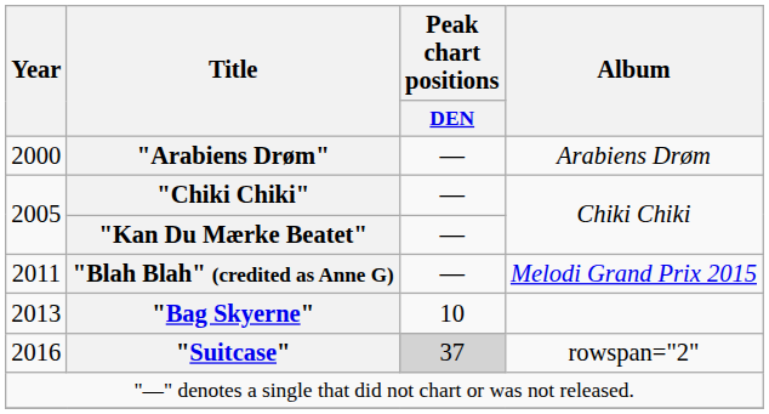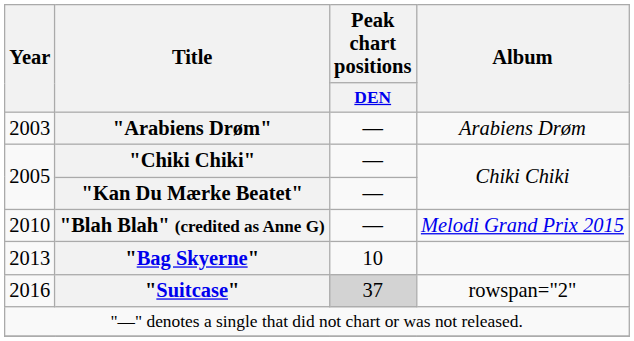 <table class="wikitable plainrowheaders" style="text-align:center;">
 <tr>
 <th scope="col" rowspan="2">Year</th>
 <th scope="col" rowspan="2">Title</th>
 <th scope="col" colspan="1">Peak chart positions</th>
 <th scope="col" rowspan="2">Album</th>
 </tr>
 <tr>
 <th scope="col" style="width:3em;font-size:85%;"><a href='#'>DEN</a><br></th>
 </tr>
 <tr>
-<td>2000</td>
+<td>2003</td>
 <th scope="row">"Arabiens Drøm"</th>
 <td>—</td>
 <td><em>Arabiens Drøm</em></td>
 </tr>
 <tr>
 <td rowspan="2">2005</td>
 <th scope="row">"Chiki Chiki"</th>
 <td>—</td>
 <td rowspan="2"><em>Chiki Chiki</em></td>
 </tr>
 <tr>
 <th scope="row">"Kan Du Mærke Beatet"</th>
 <td>—</td>
 </tr>
 <tr>
-<td>2011</td>
+<td>2010</td>
 <th scope="row">"Blah Blah" <small>(credited as Anne G)</small></th>
 <td>—</td>
 <td><em><a href='#'>Melodi Grand Prix 2015</a></em></td>
 </tr>
 <tr>
 <td>2013</td>
 <th scope="row">"<a href='#'>Bag Skyerne</a>"</th>
 <td>10</td>
 </tr>
 <tr>
 <td>2016</td>
 <th scope="row">"<a href='#'>Suitcase</a>"</th>
 <td style="background: lightgrey;">37</td>
 <td>rowspan="2" </td>
 </tr>
 <tr>
 <td colspan="17" style="font-size:85%">"—" denotes a single that did not chart or was not released.</td>
 </tr>
 <tr>
 </tr>
 </table>
